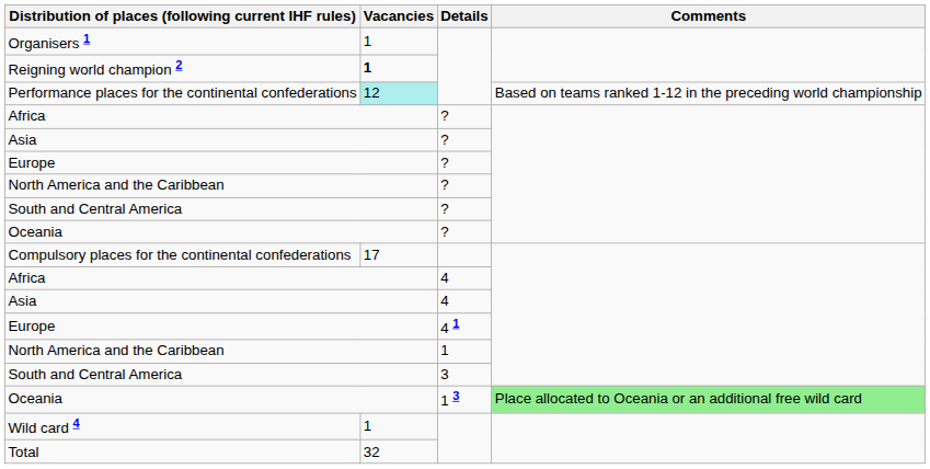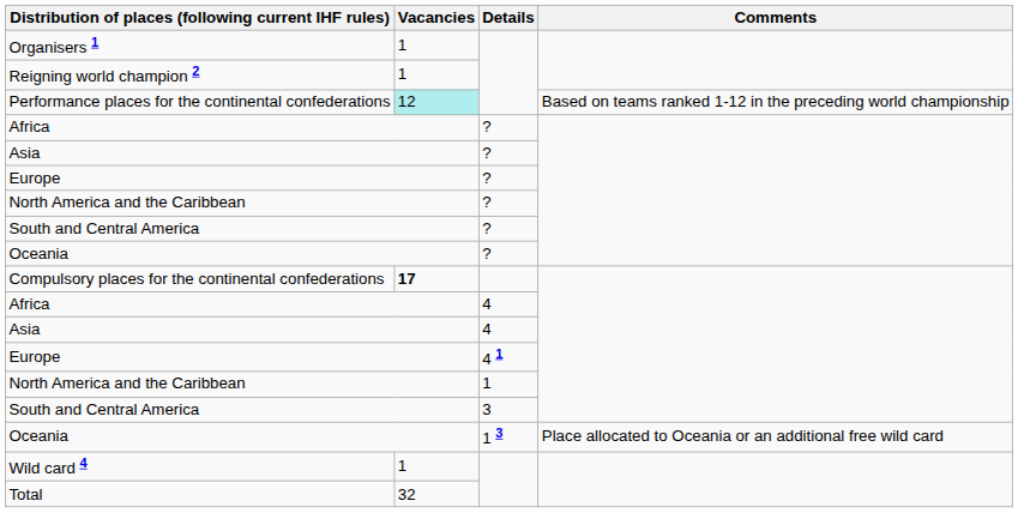 <table class="wikitable">
 <tr>
 <th>Distribution of places (following current IHF rules)</th>
 <th>Vacancies</th>
 <th>Details</th>
 <th>Comments</th>
 </tr>
 <tr>
 <td>Organisers <sup><strong><a href='#'>1</a></strong></sup></td>
 <td>1</td>
 <td rowspan=3></td>
 <td rowspan=2></td>
 </tr>
 <tr>
 <td>Reigning world champion <sup><strong><a href='#'>2</a></strong></sup></td>
-<td><strong>1</strong></td>
+<td>1</td>
 </tr>
 <tr>
 <td>Performance places for the continental confederations</td>
 <td style="background: paleturquoise;">12</td>
 <td>Based on teams ranked 1-12 in the preceding world championship</td>
 </tr>
 <tr>
 <td colspan=2>Africa</td>
 <td>?</td>
 <td rowspan=6></td>
 </tr>
 <tr>
 <td colspan=2>Asia</td>
 <td>?</td>
 </tr>
 <tr>
 <td colspan=2>Europe</td>
 <td>?</td>
 </tr>
 <tr>
 <td colspan=2>North America and the Caribbean</td>
 <td>?</td>
 </tr>
 <tr>
 <td colspan=2>South and Central America</td>
 <td>?</td>
 </tr>
 <tr>
 <td colspan=2>Oceania</td>
 <td>?</td>
 </tr>
 <tr>
 <td>Compulsory places for the continental confederations</td>
-<td>17</td>
+<td><strong>17</strong></td>
 <td></td>
 <td rowspan=6></td>
 </tr>
 <tr>
 <td colspan=2>Africa</td>
 <td>4</td>
 </tr>
 <tr>
 <td colspan=2>Asia</td>
 <td>4</td>
 </tr>
 <tr>
 <td colspan=2>Europe</td>
 <td>4 <sup><strong><a href='#'>1</a></strong></sup></td>
 </tr>
 <tr>
 <td colspan=2>North America and the Caribbean</td>
 <td>1</td>
 </tr>
 <tr>
 <td colspan=2>South and Central America</td>
 <td>3</td>
 </tr>
 <tr>
 <td colspan=2>Oceania</td>
 <td>1 <sup><strong><a href='#'>3</a></strong></sup></td>
-<td style="background: lightgreen;">Place allocated to Oceania or an additional free wild card</td>
+<td>Place allocated to Oceania or an additional free wild card</td>
 </tr>
 <tr>
 <td>Wild card <sup><strong><a href='#'>4</a></strong></sup></td>
 <td>1</td>
 <td rowspan=2></td>
 </tr>
 <tr>
 <td>Total</td>
 <td>32</td>
 </tr>
 </table>
